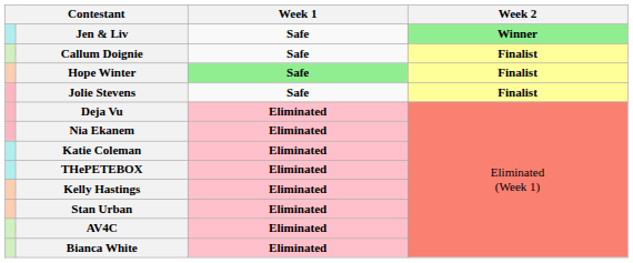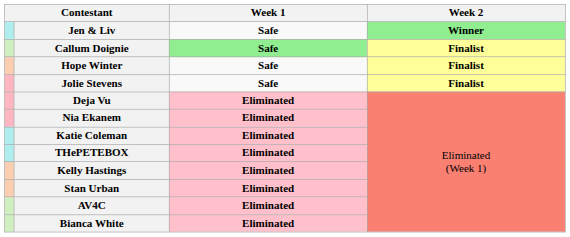 <table class="wikitable" style="text-align:center">
 <tr>
 <th colspan="2" style="width:15%">Contestant</th>
 <th scope="col" style="width:18%">Week 1</th>
 <th scope="col" style="width:18%">Week 2</th>
 </tr>
 <tr>
 <th style="background:#afeeee"></th>
 <th>Jen & Liv</th>
 <td><strong>Safe</strong></td>
 <td style="background:lightgreen"><strong>Winner</strong></td>
 </tr>
 <tr>
 <th style="background:#d0f0c0"></th>
 <th>Callum Doignie</th>
-<td><strong>Safe</strong></td>
+<td style="background: lightgreen;"><strong>Safe</strong></td>
 <td style="background:#ff9"><strong>Finalist</strong></td>
 </tr>
 <tr>
 <th style="background:#fbceb1"></th>
 <th>Hope Winter</th>
-<td style="background: lightgreen;"><strong>Safe</strong></td>
+<td><strong>Safe</strong></td>
 <td style="background:#ff9"><strong>Finalist</strong></td>
 </tr>
 <tr>
 <th style="background:lightpink"></th>
 <th>Jolie Stevens</th>
 <td><strong>Safe</strong></td>
 <td style="background:#ff9"><strong>Finalist</strong></td>
 </tr>
 <tr>
 <th style="background:lightpink"></th>
 <th>Deja Vu</th>
 <th style="background:pink">Eliminated</th>
 <td colspan="2" rowspan="8" style="background:salmon">Eliminated<br>(Week 1)</td>
 </tr>
 <tr>
 <th style="background:lightpink"></th>
 <th>Nia Ekanem</th>
 <th style="background:pink">Eliminated</th>
 </tr>
 <tr>
 <th style="background:#afeeee"></th>
 <th>Katie Coleman</th>
 <th style="background:pink">Eliminated</th>
 </tr>
 <tr>
 <th style="background:#afeeee"></th>
 <th>THePETEBOX</th>
 <th style="background:pink">Eliminated</th>
 </tr>
 <tr>
 <th style="background:#fbceb1"></th>
 <th>Kelly Hastings</th>
 <th style="background:pink">Eliminated</th>
 </tr>
 <tr>
 <th style="background:#fbceb1"></th>
 <th>Stan Urban</th>
 <th style="background:pink">Eliminated</th>
 </tr>
 <tr>
 <th style="background:#d0f0c0"></th>
 <th>AV4C</th>
 <th style="background:pink">Eliminated</th>
 </tr>
 <tr>
 <th style="background:#d0f0c0"></th>
 <th>Bianca White</th>
 <th style="background:pink">Eliminated</th>
 </tr>
 </table>
